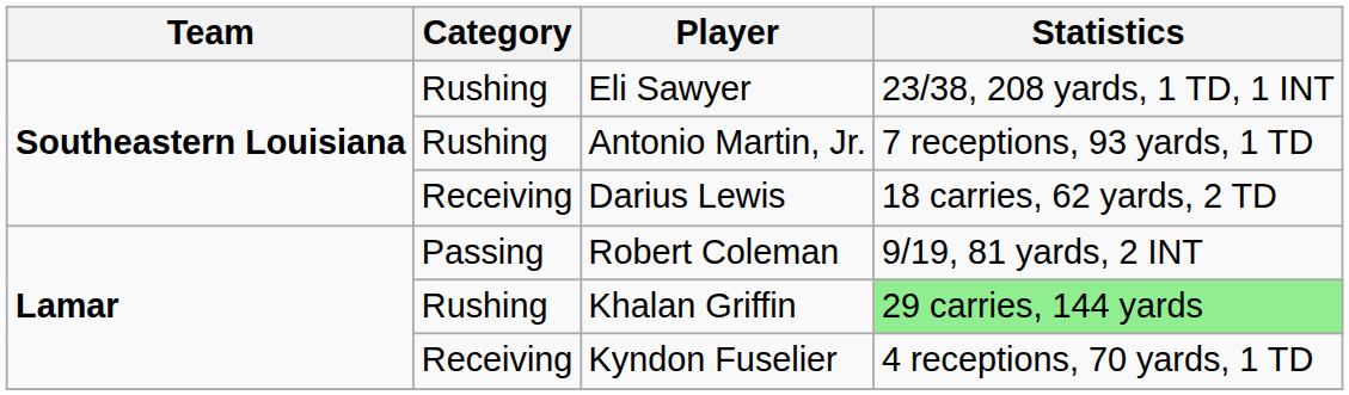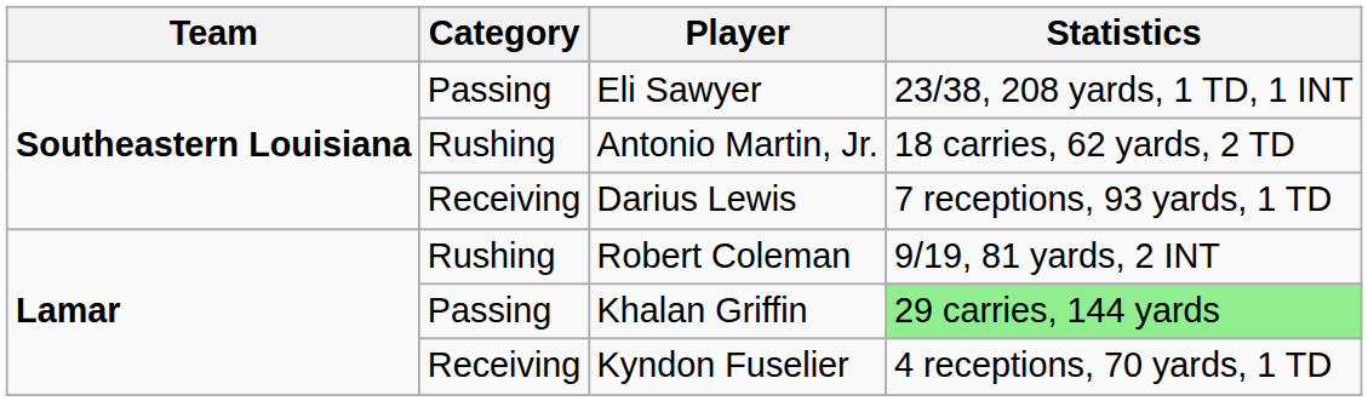 <table class="wikitable" style="float: right;">
 <tr>
 <th>Team</th>
 <th>Category</th>
 <th>Player</th>
 <th>Statistics</th>
 </tr>
 <tr>
 <td rowspan=3><strong>Southeastern Louisiana</strong></td>
-<td>Rushing</td>
+<td>Passing</td>
 <td>Eli Sawyer</td>
 <td>23/38, 208 yards, 1 TD, 1 INT</td>
 </tr>
 <tr>
 <td>Rushing</td>
 <td>Antonio Martin, Jr.</td>
-<td>7 receptions, 93 yards, 1 TD</td>
+<td>18 carries, 62 yards, 2 TD</td>
 </tr>
 <tr>
 <td>Receiving</td>
 <td>Darius Lewis</td>
-<td>18 carries, 62 yards, 2 TD</td>
+<td>7 receptions, 93 yards, 1 TD</td>
 </tr>
 <tr>
 <td rowspan=3><strong>Lamar</strong></td>
-<td>Passing</td>
+<td>Rushing</td>
 <td>Robert Coleman</td>
 <td>9/19, 81 yards, 2 INT</td>
 </tr>
 <tr>
-<td>Rushing</td>
+<td>Passing</td>
 <td>Khalan Griffin</td>
 <td style="background: lightgreen;">29 carries, 144 yards</td>
 </tr>
 <tr>
 <td>Receiving</td>
 <td>Kyndon Fuselier</td>
 <td>4 receptions, 70 yards, 1 TD</td>
 </tr>
 </table>
